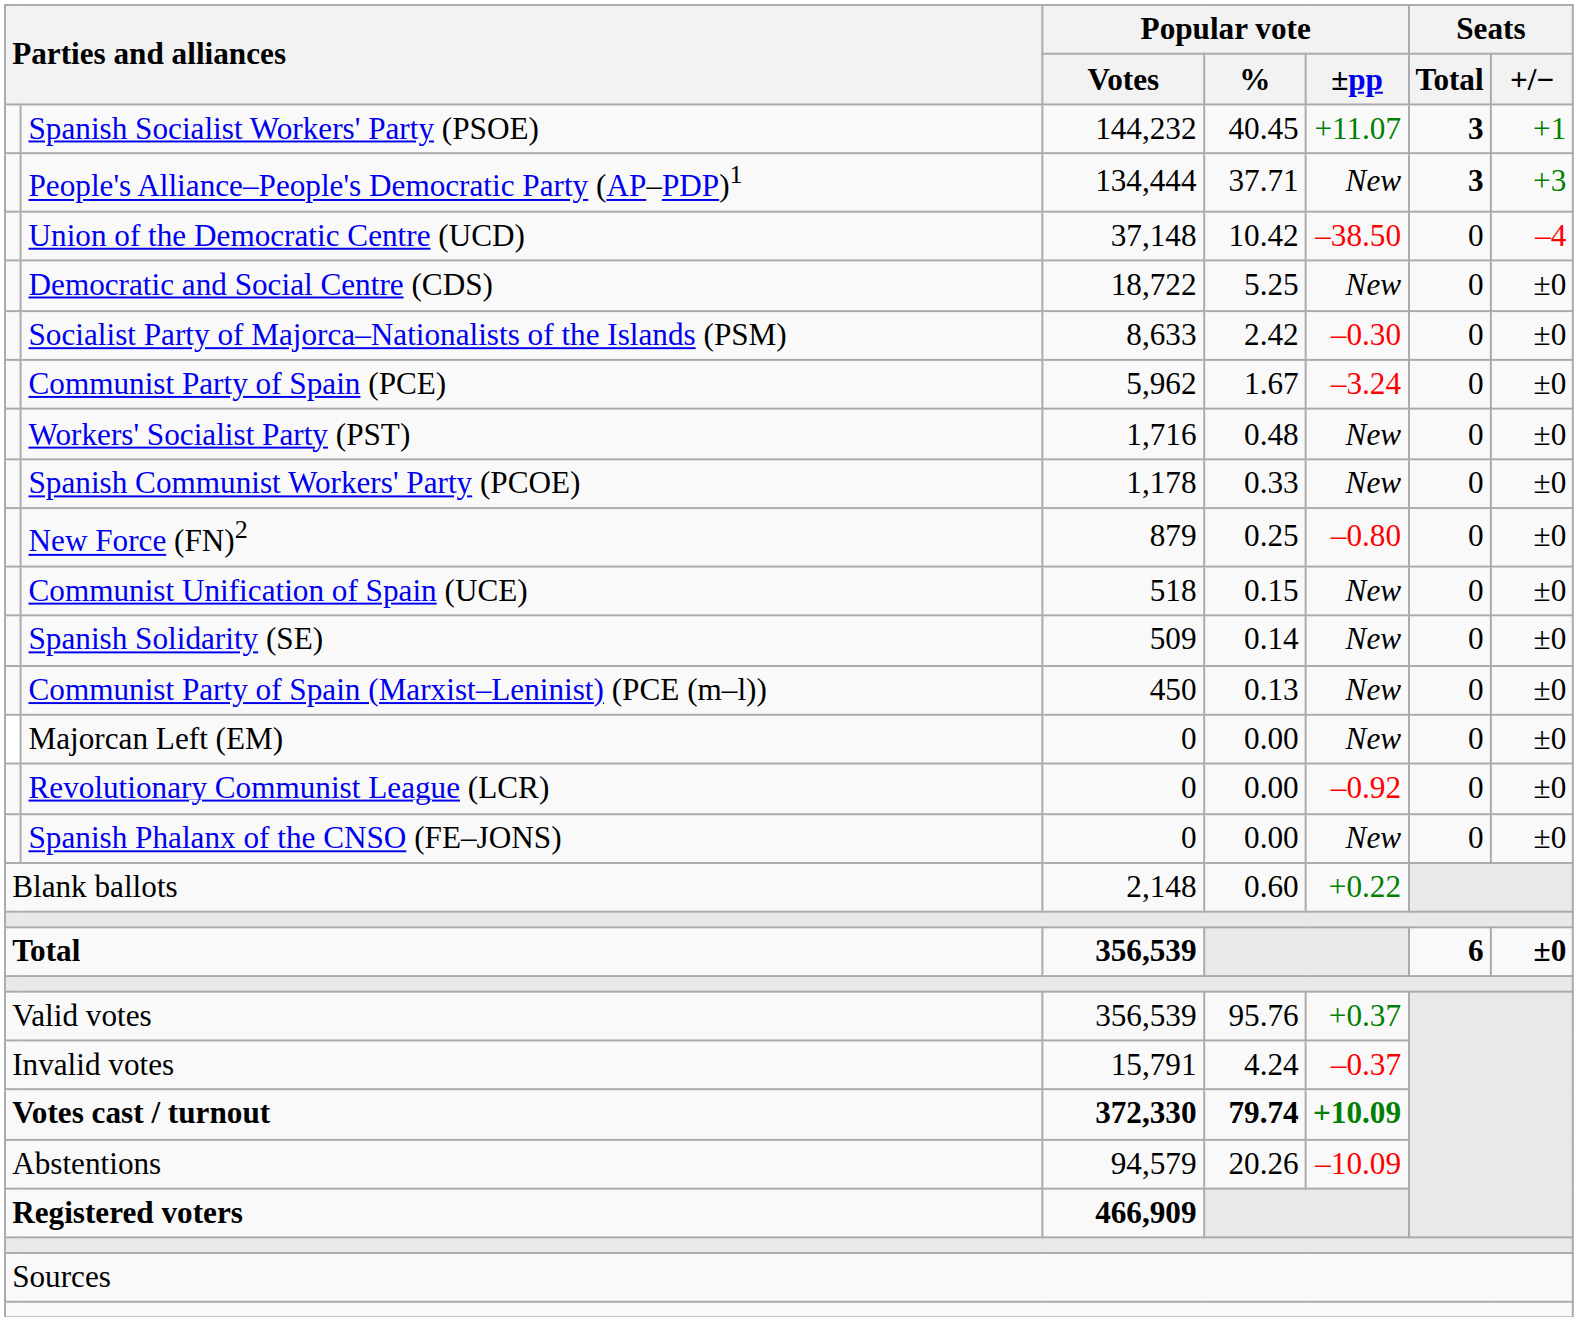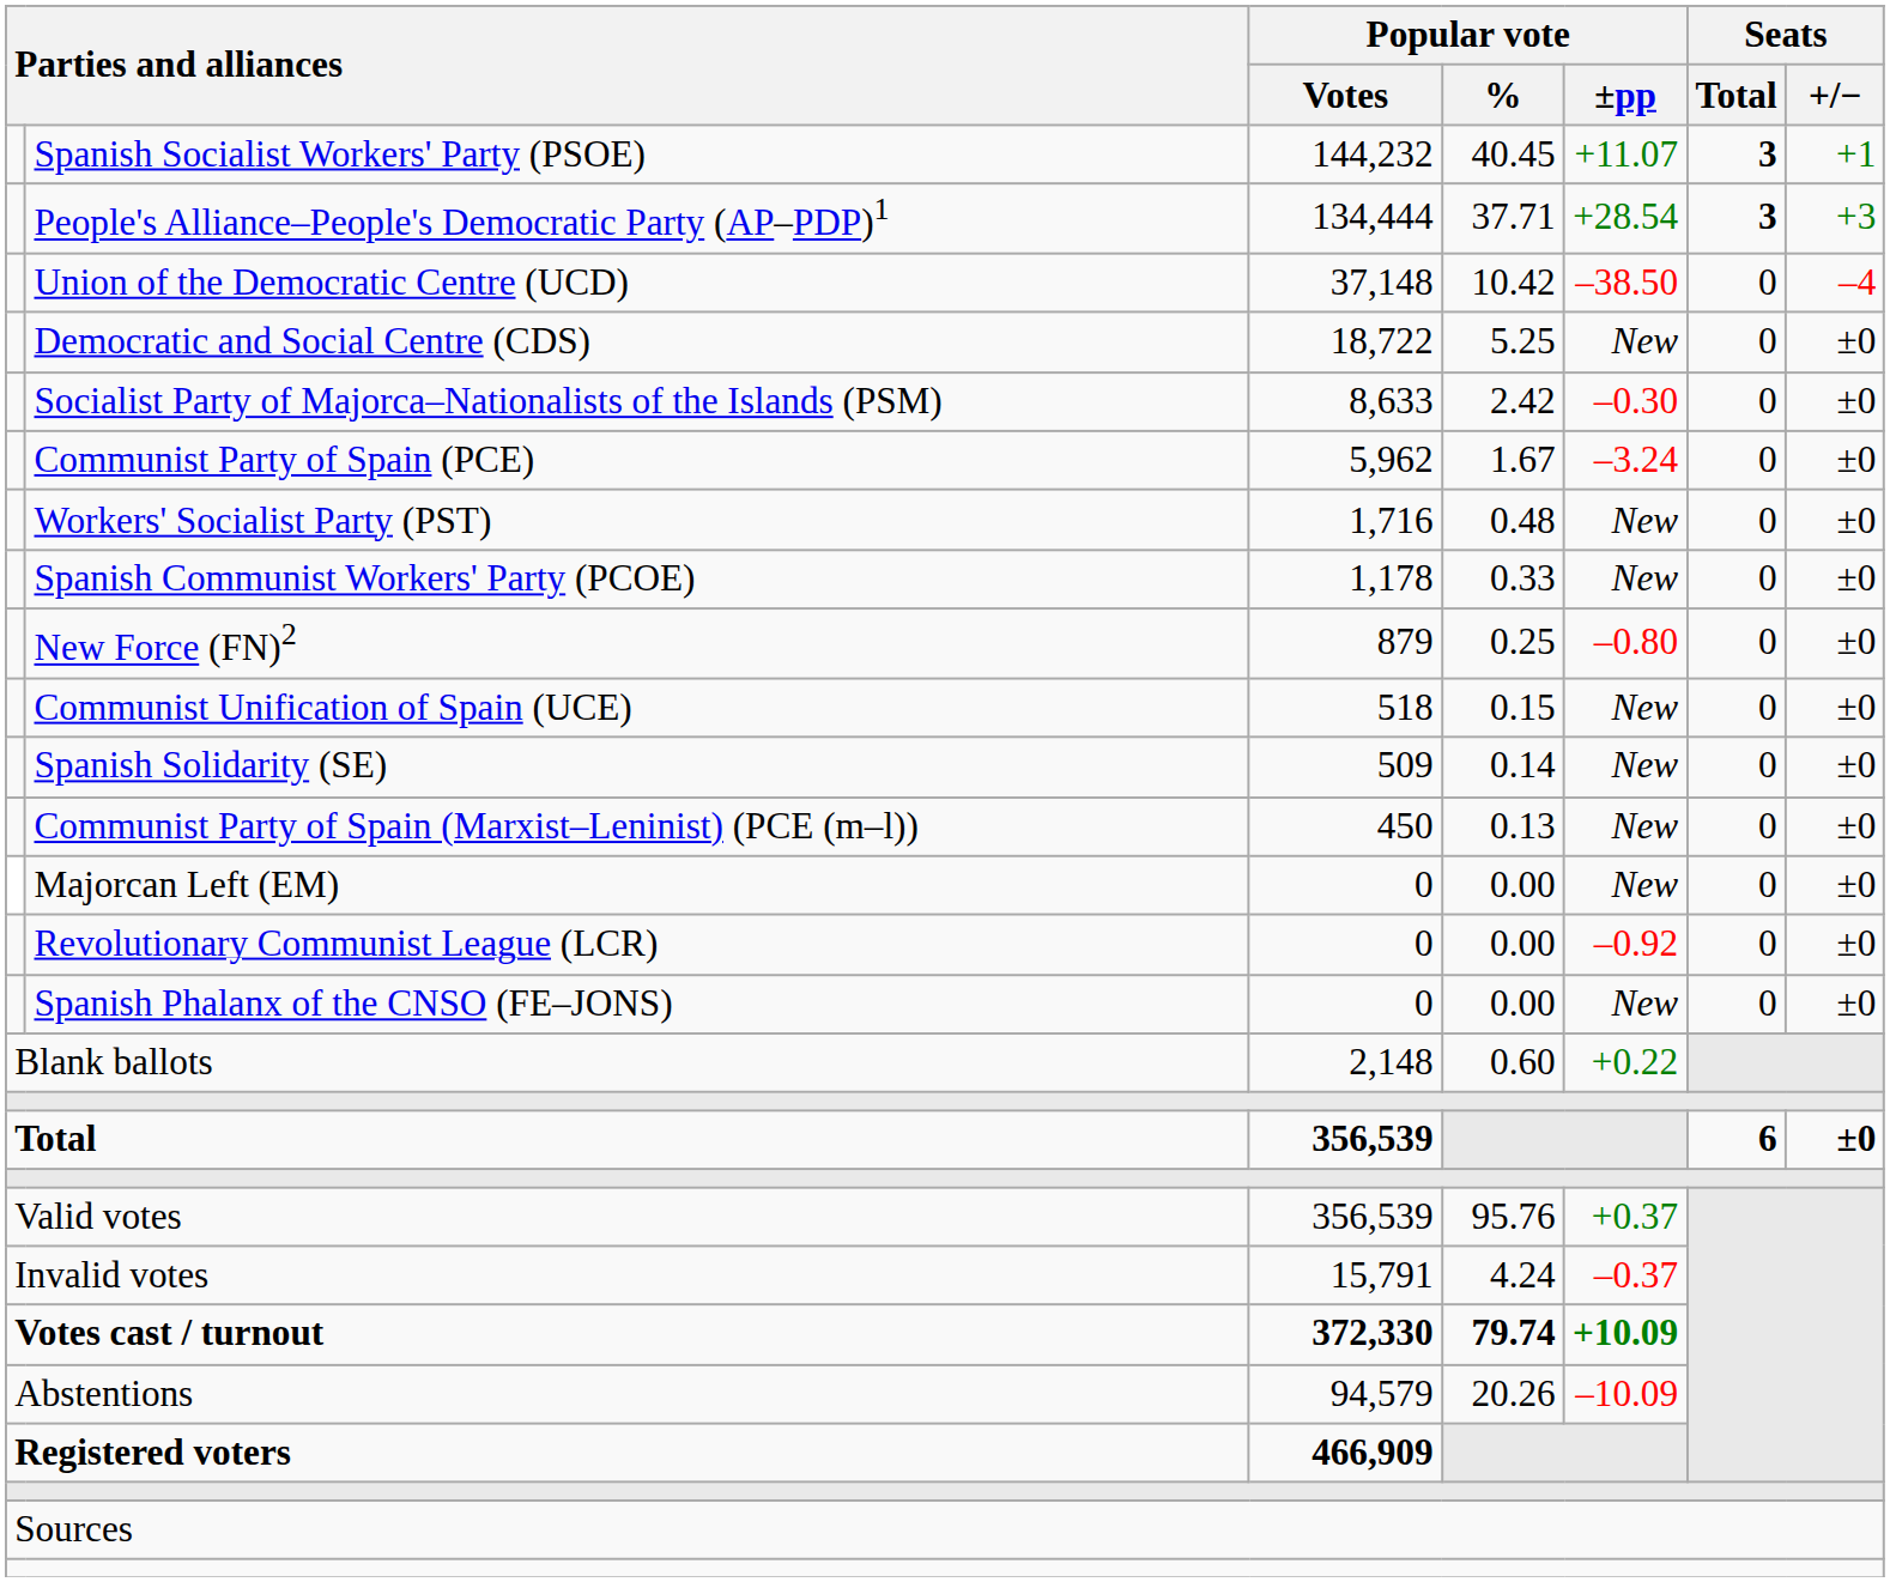 <table class="wikitable" style="text-align:right;">
 <tr>
 <th style="text-align:left;" rowspan="2" colspan="2" width="525">Parties and alliances</th>
 <th colspan="3">Popular vote</th>
 <th colspan="2">Seats</th>
 </tr>
 <tr>
 <th width="75">Votes</th>
 <th width="45">%</th>
 <th width="45">±<a href='#'>pp</a></th>
 <th width="35">Total</th>
 <th width="35">+/−</th>
 </tr>
 <tr>
 <td width="1" style="color:inherit;background:"></td>
 <td align="left"><a href='#'>Spanish Socialist Workers' Party</a> (PSOE)</td>
 <td>144,232</td>
 <td>40.45</td>
 <td style="color:green;">+11.07</td>
 <td><strong>3</strong></td>
 <td style="color:green;">+1</td>
 </tr>
 <tr>
 <td style="color:inherit;background:"></td>
 <td align="left"><a href='#'>People's Alliance–People's Democratic Party</a> (<a href='#'>AP</a>–<a href='#'>PDP</a>)<sup>1</sup></td>
 <td>134,444</td>
 <td>37.71</td>
-<td><em>New</em></td>
+<td style="color:green;">+28.54</td>
 <td><strong>3</strong></td>
 <td style="color:green;">+3</td>
 </tr>
 <tr>
 <td style="color:inherit;background:"></td>
 <td align="left"><a href='#'>Union of the Democratic Centre</a> (UCD)</td>
 <td>37,148</td>
 <td>10.42</td>
 <td style="color:red;">–38.50</td>
 <td>0</td>
 <td style="color:red;">–4</td>
 </tr>
 <tr>
 <td style="color:inherit;background:"></td>
 <td align="left"><a href='#'>Democratic and Social Centre</a> (CDS)</td>
 <td>18,722</td>
 <td>5.25</td>
 <td><em>New</em></td>
 <td>0</td>
 <td>±0</td>
 </tr>
 <tr>
 <td style="color:inherit;background:"></td>
 <td align="left"><a href='#'>Socialist Party of Majorca–Nationalists of the Islands</a> (PSM)</td>
 <td>8,633</td>
 <td>2.42</td>
 <td style="color:red;">–0.30</td>
 <td>0</td>
 <td>±0</td>
 </tr>
 <tr>
 <td style="color:inherit;background:"></td>
 <td align="left"><a href='#'>Communist Party of Spain</a> (PCE)</td>
 <td>5,962</td>
 <td>1.67</td>
 <td style="color:red;">–3.24</td>
 <td>0</td>
 <td>±0</td>
 </tr>
 <tr>
 <td style="color:inherit;background:"></td>
 <td align="left"><a href='#'>Workers' Socialist Party</a> (PST)</td>
 <td>1,716</td>
 <td>0.48</td>
 <td><em>New</em></td>
 <td>0</td>
 <td>±0</td>
 </tr>
 <tr>
 <td style="color:inherit;background:"></td>
 <td align="left"><a href='#'>Spanish Communist Workers' Party</a> (PCOE)</td>
 <td>1,178</td>
 <td>0.33</td>
 <td><em>New</em></td>
 <td>0</td>
 <td>±0</td>
 </tr>
 <tr>
 <td style="color:inherit;background:"></td>
 <td align="left"><a href='#'>New Force</a> (FN)<sup>2</sup></td>
 <td>879</td>
 <td>0.25</td>
 <td style="color:red;">–0.80</td>
 <td>0</td>
 <td>±0</td>
 </tr>
 <tr>
 <td style="color:inherit;background:"></td>
 <td align="left"><a href='#'>Communist Unification of Spain</a> (UCE)</td>
 <td>518</td>
 <td>0.15</td>
 <td><em>New</em></td>
 <td>0</td>
 <td>±0</td>
 </tr>
 <tr>
 <td style="color:inherit;background:"></td>
 <td align="left"><a href='#'>Spanish Solidarity</a> (SE)</td>
 <td>509</td>
 <td>0.14</td>
 <td><em>New</em></td>
 <td>0</td>
 <td>±0</td>
 </tr>
 <tr>
 <td style="color:inherit;background:"></td>
 <td align="left"><a href='#'>Communist Party of Spain (Marxist–Leninist)</a> (PCE (m–l))</td>
 <td>450</td>
 <td>0.13</td>
 <td><em>New</em></td>
 <td>0</td>
 <td>±0</td>
 </tr>
 <tr>
 <td bgcolor="white"></td>
 <td align="left">Majorcan Left (EM)</td>
 <td>0</td>
 <td>0.00</td>
 <td><em>New</em></td>
 <td>0</td>
 <td>±0</td>
 </tr>
 <tr>
 <td style="color:inherit;background:"></td>
 <td align="left"><a href='#'>Revolutionary Communist League</a> (LCR)</td>
 <td>0</td>
 <td>0.00</td>
 <td style="color:red;">–0.92</td>
 <td>0</td>
 <td>±0</td>
 </tr>
 <tr>
 <td style="color:inherit;background:"></td>
 <td align="left"><a href='#'>Spanish Phalanx of the CNSO</a> (FE–JONS)</td>
 <td>0</td>
 <td>0.00</td>
 <td><em>New</em></td>
 <td>0</td>
 <td>±0</td>
 </tr>
 <tr>
 <td align="left" colspan="2">Blank ballots</td>
 <td>2,148</td>
 <td>0.60</td>
 <td style="color:green;">+0.22</td>
 <td bgcolor="#E9E9E9" colspan="2"></td>
 </tr>
 <tr>
 <td colspan="7" bgcolor="#E9E9E9"></td>
 </tr>
 <tr style="font-weight:bold;">
 <td align="left" colspan="2">Total</td>
 <td>356,539</td>
 <td bgcolor="#E9E9E9" colspan="2"></td>
 <td>6</td>
 <td>±0</td>
 </tr>
 <tr>
 <td colspan="7" bgcolor="#E9E9E9"></td>
 </tr>
 <tr>
 <td align="left" colspan="2">Valid votes</td>
 <td>356,539</td>
 <td>95.76</td>
 <td style="color:green;">+0.37</td>
 <td bgcolor="#E9E9E9" colspan="2" rowspan="5"></td>
 </tr>
 <tr>
 <td align="left" colspan="2">Invalid votes</td>
 <td>15,791</td>
 <td>4.24</td>
 <td style="color:red;">–0.37</td>
 </tr>
 <tr style="font-weight:bold;">
 <td align="left" colspan="2">Votes cast / turnout</td>
 <td>372,330</td>
 <td>79.74</td>
 <td style="color:green;">+10.09</td>
 </tr>
 <tr>
 <td align="left" colspan="2">Abstentions</td>
 <td>94,579</td>
 <td>20.26</td>
 <td style="color:red;">–10.09</td>
 </tr>
 <tr style="font-weight:bold;">
 <td align="left" colspan="2">Registered voters</td>
 <td>466,909</td>
 <td bgcolor="#E9E9E9" colspan="2"></td>
 </tr>
 <tr>
 <td colspan="7" bgcolor="#E9E9E9"></td>
 </tr>
 <tr>
 <td align="left" colspan="7">Sources</td>
 </tr>
 <tr>
 <td colspan="7" style="text-align:left; max-width:790px;"></td>
 </tr>
 </table>
